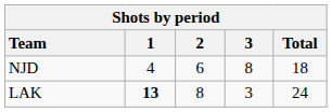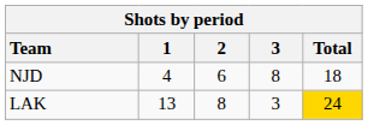 <table class="wikitable" style="width:20em; text-align:right;">
 <tr>
 <th colspan=6>Shots by period</th>
 </tr>
 <tr>
 <th style="width:8em; text-align:left;">Team</th>
 <th style="width:3em;">1</th>
 <th style="width:3em;">2</th>
 <th style="width:3em;">3</th>
 <th style="width:3em;">Total</th>
 </tr>
 <tr style="text-align:center;">
 <td style="text-align:left;">NJD</td>
 <td>4</td>
 <td>6</td>
 <td>8</td>
 <td>18</td>
 </tr>
 <tr style="text-align:center;">
 <td style="text-align:left;">LAK</td>
-<td><strong>13</strong></td>
+<td>13</td>
 <td>8</td>
 <td>3</td>
-<td>24</td>
+<td style="background: gold;">24</td>
 </tr>
 </table>
